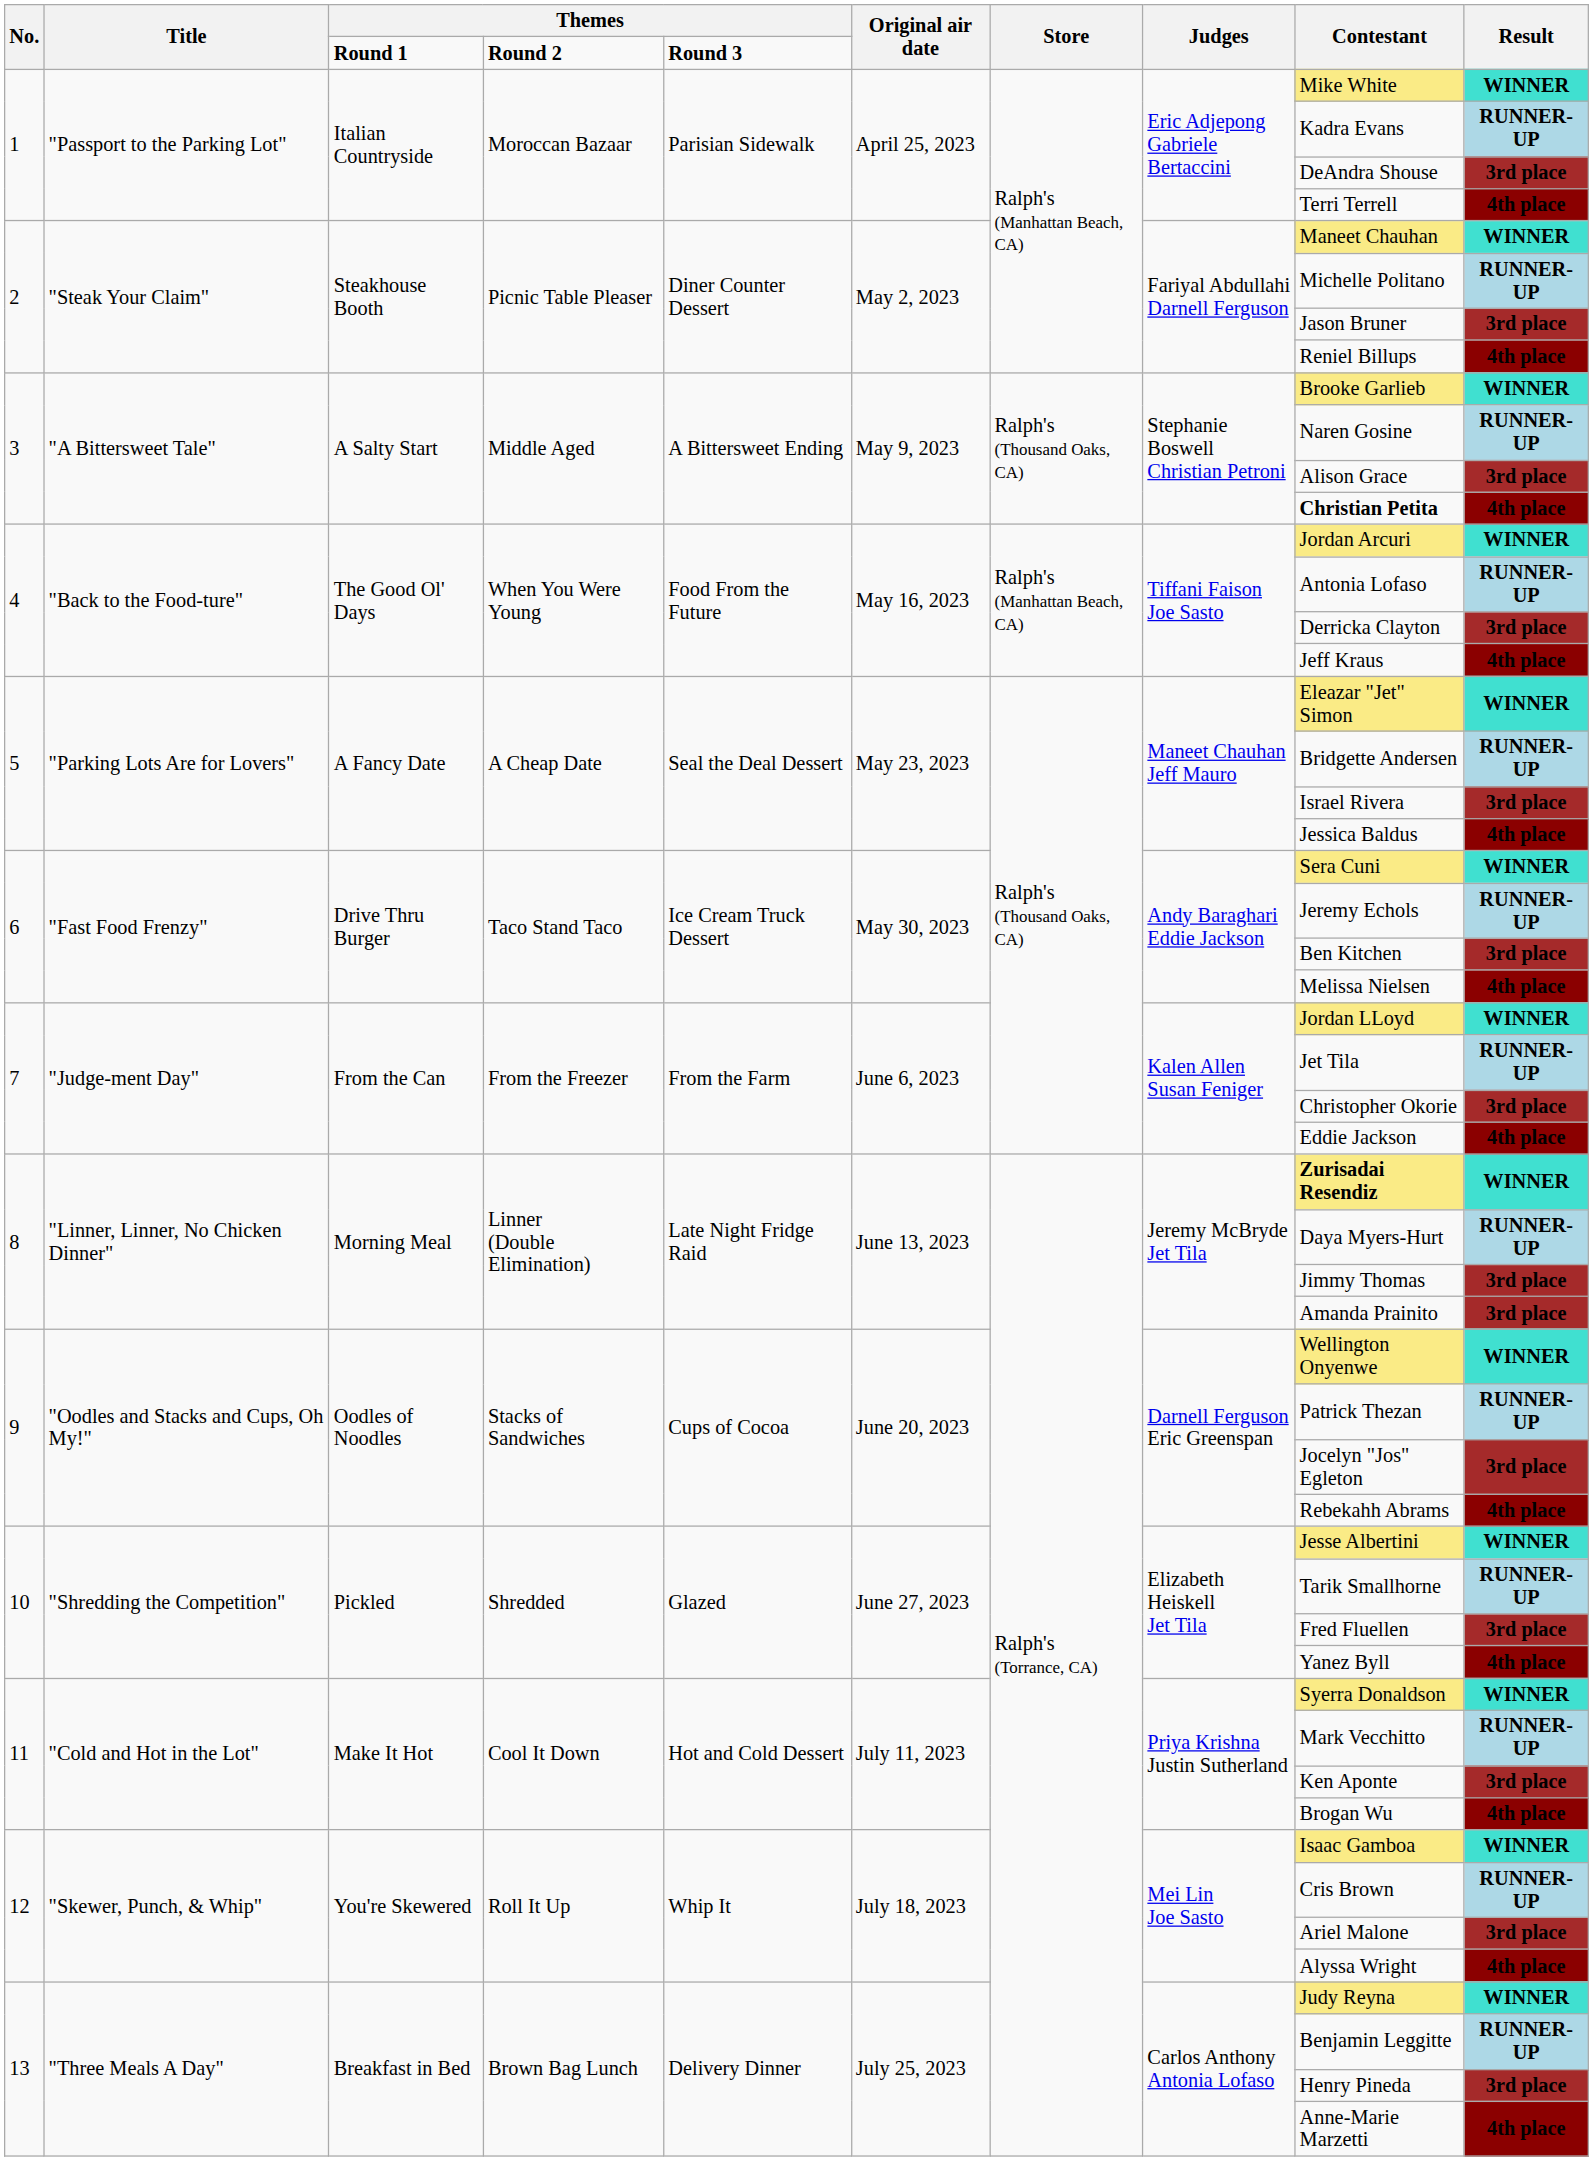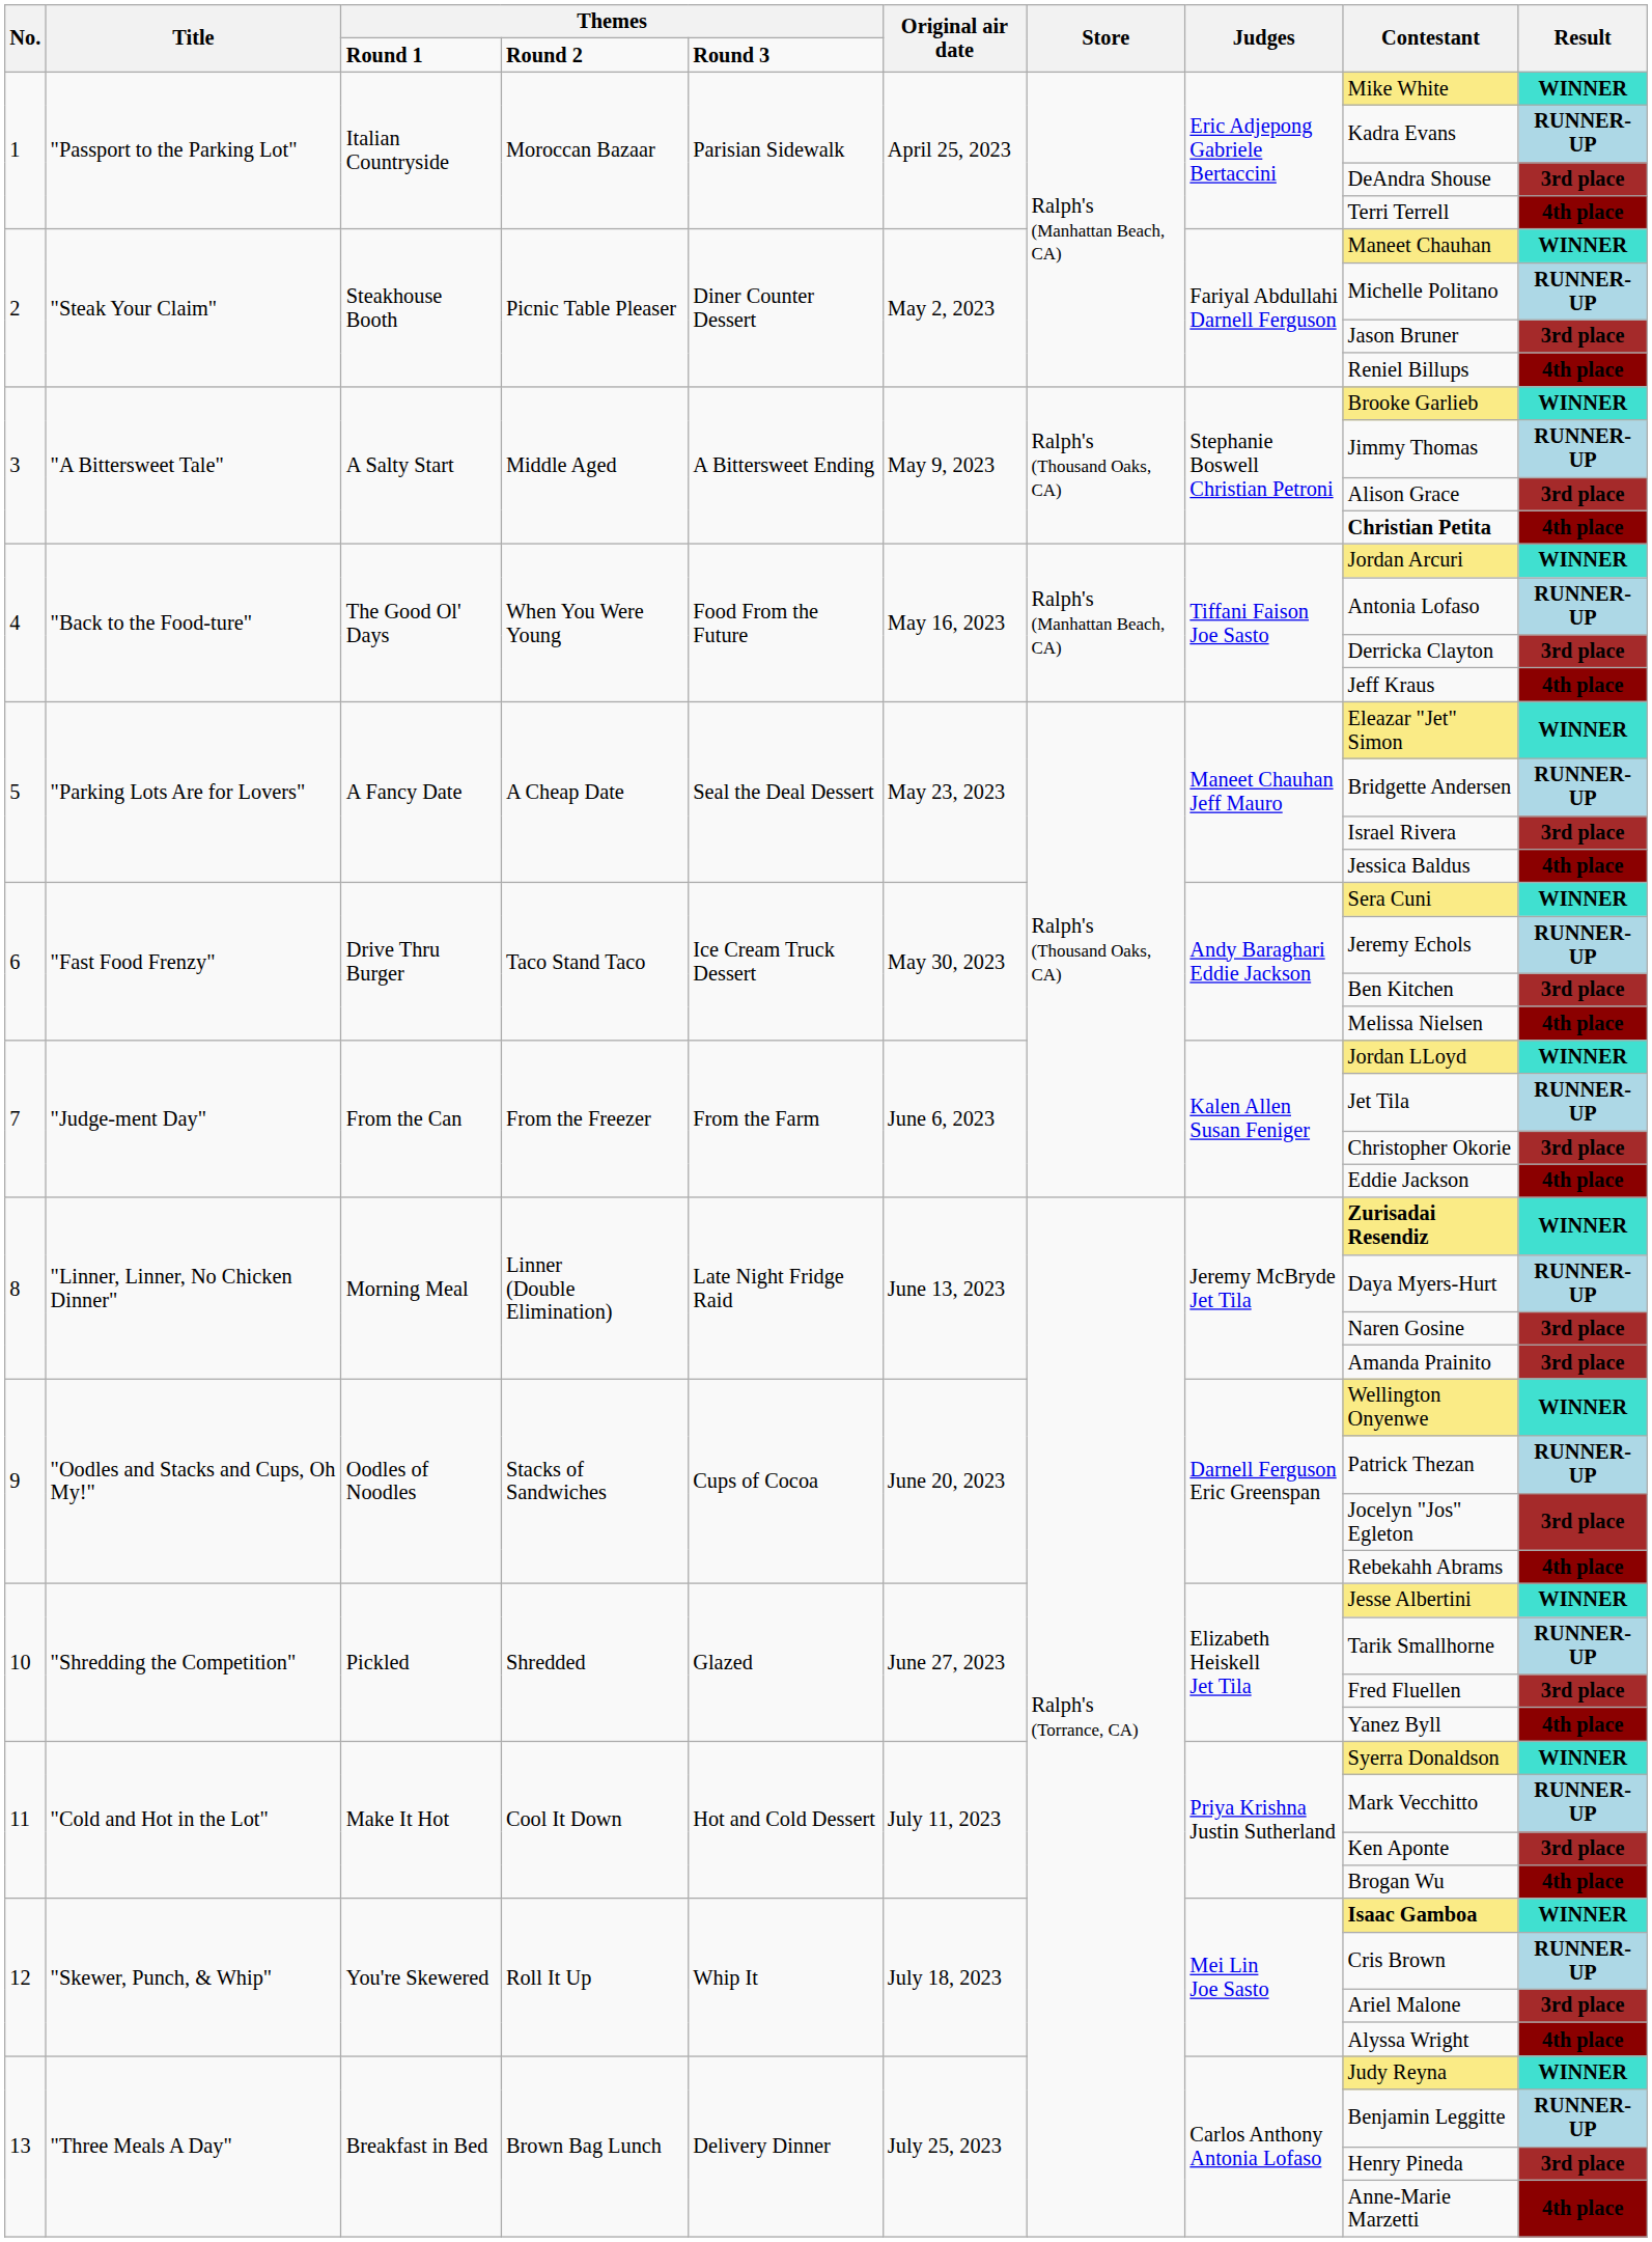 <table class="wikitable">
 <tr>
 <th rowspan="2">No.</th>
 <th rowspan="2">Title</th>
 <th colspan="3">Themes</th>
 <th rowspan="2">Original air date</th>
 <th rowspan="2">Store </th>
 <th rowspan="2">Judges</th>
 <th rowspan="2">Contestant</th>
 <th rowspan="2">Result</th>
 </tr>
 <tr>
 <td><strong>Round 1</strong></td>
 <td><strong>Round 2</strong></td>
 <td><strong>Round 3</strong></td>
 </tr>
 <tr>
 <td rowspan="4">1</td>
 <td rowspan="4">"Passport to the Parking Lot"</td>
 <td rowspan="4">Italian Countryside</td>
 <td rowspan="4">Moroccan Bazaar</td>
 <td rowspan="4">Parisian Sidewalk</td>
 <td rowspan="4">April 25, 2023</td>
 <td rowspan="8">Ralph's<br><small>(Manhattan Beach, CA)</small></td>
 <td rowspan="4"><a href='#'>Eric Adjepong</a><br><a href='#'>Gabriele Bertaccini</a></td>
 <td style="background:#FAEB86">Mike White</td>
 <td align=center valign=center style="background:turquoise;"><strong>WINNER</strong></td>
 </tr>
 <tr>
 <td>Kadra Evans</td>
 <td style="background:lightblue;" valign="center" align="center"><strong>RUNNER-UP</strong></td>
 </tr>
 <tr>
 <td>DeAndra Shouse</td>
 <td align=center valign=center style="background:brown;"><strong>3rd place</strong></td>
 </tr>
 <tr>
 <td>Terri Terrell</td>
 <td align=center valign=center style="background:darkred;"><strong>4th place</strong></td>
 </tr>
 <tr>
 <td rowspan="4">2</td>
 <td rowspan="4">"Steak Your Claim"</td>
 <td rowspan="4">Steakhouse Booth</td>
 <td rowspan="4">Picnic Table Pleaser</td>
 <td rowspan="4">Diner Counter Dessert</td>
 <td rowspan="4">May 2, 2023</td>
 <td rowspan="4">Fariyal Abdullahi<br><a href='#'>Darnell Ferguson</a></td>
 <td style="background:#FAEB86">Maneet Chauhan</td>
 <td align=center valign=center style="background:turquoise;"><strong>WINNER</strong></td>
 </tr>
 <tr>
 <td>Michelle Politano</td>
 <td style="background:lightblue;" valign="center" align="center"><strong>RUNNER-UP</strong></td>
 </tr>
 <tr>
 <td>Jason Bruner</td>
 <td align=center valign=center style="background:brown;"><strong>3rd place</strong></td>
 </tr>
 <tr>
 <td>Reniel Billups</td>
 <td align=center valign=center style="background:darkred;"><strong>4th place</strong></td>
 </tr>
 <tr>
 <td rowspan="4">3</td>
 <td rowspan="4">"A Bittersweet Tale"</td>
 <td rowspan="4">A Salty Start</td>
 <td rowspan="4">Middle Aged</td>
 <td rowspan="4">A Bittersweet Ending</td>
 <td rowspan="4">May 9, 2023</td>
 <td rowspan="4">Ralph's<br><small>(Thousand Oaks, CA)</small></td>
 <td rowspan="4">Stephanie Boswell<br><a href='#'>Christian Petroni</a></td>
 <td style="background:#FAEB86">Brooke Garlieb</td>
 <td align=center valign=center style="background:turquoise;"><strong>WINNER</strong></td>
 </tr>
 <tr>
-<td>Naren Gosine</td>
+<td>Jimmy Thomas</td>
 <td style="background:lightblue;" valign="center" align="center"><strong>RUNNER-UP</strong></td>
 </tr>
 <tr>
 <td>Alison Grace</td>
 <td align=center valign=center style="background:brown;"><strong>3rd place</strong></td>
 </tr>
 <tr>
 <td><strong>Christian Petita</strong></td>
 <td align=center valign=center style="background:darkred;"><strong>4th place</strong></td>
 </tr>
 <tr>
 <td rowspan="4">4</td>
 <td rowspan="4">"Back to the Food-ture"</td>
 <td rowspan="4">The Good Ol' Days</td>
 <td rowspan="4">When You Were Young</td>
 <td rowspan="4">Food From the Future</td>
 <td rowspan="4">May 16, 2023</td>
 <td rowspan="4">Ralph's<br><small>(Manhattan Beach, CA)</small></td>
 <td rowspan="4"><a href='#'>Tiffani Faison</a><br><a href='#'>Joe Sasto</a></td>
 <td style="background:#FAEB86">Jordan Arcuri</td>
 <td align=center valign=center style="background:turquoise;"><strong>WINNER</strong></td>
 </tr>
 <tr>
 <td>Antonia Lofaso</td>
 <td style="background:lightblue;" valign="center" align="center"><strong>RUNNER-UP</strong></td>
 </tr>
 <tr>
 <td>Derricka Clayton</td>
 <td align=center valign=center style="background:brown;"><strong>3rd place</strong></td>
 </tr>
 <tr>
 <td>Jeff Kraus</td>
 <td align=center valign=center style="background:darkred;"><strong>4th place</strong></td>
 </tr>
 <tr>
 <td rowspan="4">5</td>
 <td rowspan="4">"Parking Lots Are for Lovers"</td>
 <td rowspan="4">A Fancy Date</td>
 <td rowspan="4">A Cheap Date</td>
 <td rowspan="4">Seal the Deal Dessert</td>
 <td rowspan="4">May 23, 2023</td>
 <td rowspan="12">Ralph's<br><small>(Thousand Oaks, CA)</small></td>
 <td rowspan="4"><a href='#'>Maneet Chauhan</a><br><a href='#'>Jeff Mauro</a></td>
 <td style="background:#FAEB86">Eleazar "Jet" Simon</td>
 <td align=center valign=center style="background:turquoise;"><strong>WINNER</strong></td>
 </tr>
 <tr>
 <td>Bridgette Andersen</td>
 <td style="background:lightblue;" valign="center" align="center"><strong>RUNNER-UP</strong></td>
 </tr>
 <tr>
 <td>Israel Rivera</td>
 <td align=center valign=center style="background:brown;"><strong>3rd place</strong></td>
 </tr>
 <tr>
 <td>Jessica Baldus</td>
 <td align=center valign=center style="background:darkred;"><strong>4th place</strong></td>
 </tr>
 <tr>
 <td rowspan="4">6</td>
 <td rowspan="4">"Fast Food Frenzy"</td>
 <td rowspan="4">Drive Thru Burger</td>
 <td rowspan="4">Taco Stand Taco</td>
 <td rowspan="4">Ice Cream Truck Dessert</td>
 <td rowspan="4">May 30, 2023</td>
 <td rowspan="4"><a href='#'>Andy Baraghari</a><br><a href='#'>Eddie Jackson</a></td>
 <td style="background:#FAEB86">Sera Cuni</td>
 <td align=center valign=center style="background:turquoise;"><strong>WINNER</strong></td>
 </tr>
 <tr>
 <td>Jeremy Echols</td>
 <td style="background:lightblue;" valign="center" align="center"><strong>RUNNER-UP</strong></td>
 </tr>
 <tr>
 <td>Ben Kitchen</td>
 <td align=center valign=center style="background:brown;"><strong>3rd place</strong></td>
 </tr>
 <tr>
 <td>Melissa Nielsen</td>
 <td align=center valign=center style="background:darkred;"><strong>4th place</strong></td>
 </tr>
 <tr>
 <td rowspan="4">7</td>
 <td rowspan="4">"Judge-ment Day"</td>
 <td rowspan="4">From the Can</td>
 <td rowspan="4">From the Freezer</td>
 <td rowspan="4">From the Farm</td>
 <td rowspan="4">June 6, 2023</td>
 <td rowspan="4"><a href='#'>Kalen Allen</a><br><a href='#'>Susan Feniger</a></td>
 <td style="background:#FAEB86">Jordan LLoyd</td>
 <td align=center valign=center style="background:turquoise;"><strong>WINNER</strong></td>
 </tr>
 <tr>
 <td>Jet Tila</td>
 <td style="background:lightblue;" valign="center" align="center"><strong>RUNNER-UP</strong></td>
 </tr>
 <tr>
 <td>Christopher Okorie</td>
 <td align=center valign=center style="background:brown;"><strong>3rd place</strong></td>
 </tr>
 <tr>
 <td>Eddie Jackson</td>
 <td align=center valign=center style="background:darkred;"><strong>4th place</strong></td>
 </tr>
 <tr>
 <td rowspan="4">8</td>
 <td rowspan="4">"Linner, Linner, No Chicken Dinner"</td>
 <td rowspan="4">Morning Meal</td>
 <td rowspan="4">Linner<br>(Double Elimination)</td>
 <td rowspan="4">Late Night Fridge Raid</td>
 <td rowspan="4">June 13, 2023</td>
 <td rowspan="24">Ralph's<br><small>(Torrance, CA)</small></td>
 <td rowspan="4">Jeremy McBryde<br><a href='#'>Jet Tila</a></td>
 <td style="background:#FAEB86"><strong>Zurisadai Resendiz</strong></td>
 <td align=center valign=center style="background:turquoise;"><strong>WINNER</strong></td>
 </tr>
 <tr>
 <td>Daya Myers-Hurt</td>
 <td style="background:lightblue;" valign="center" align="center"><strong>RUNNER-UP</strong></td>
 </tr>
 <tr>
-<td>Jimmy Thomas</td>
+<td>Naren Gosine</td>
 <td align=center valign=center style="background:brown;"><strong>3rd place</strong></td>
 </tr>
 <tr>
 <td>Amanda Prainito</td>
 <td align=center valign=center style="background:brown;"><strong>3rd place</strong></td>
 </tr>
 <tr>
 <td rowspan="4">9</td>
 <td rowspan="4">"Oodles and Stacks and Cups, Oh My!"</td>
 <td rowspan="4">Oodles of Noodles</td>
 <td rowspan="4">Stacks of Sandwiches</td>
 <td rowspan="4">Cups of Cocoa</td>
 <td rowspan="4">June 20, 2023</td>
 <td rowspan="4"><a href='#'>Darnell Ferguson</a><br>Eric Greenspan</td>
 <td style="background:#FAEB86">Wellington Onyenwe</td>
 <td align=center valign=center style="background:turquoise;"><strong>WINNER</strong></td>
 </tr>
 <tr>
 <td>Patrick Thezan</td>
 <td style="background:lightblue;" valign="center" align="center"><strong>RUNNER-UP</strong></td>
 </tr>
 <tr>
 <td>Jocelyn "Jos"  Egleton</td>
 <td align=center valign=center style="background:brown;"><strong>3rd place</strong></td>
 </tr>
 <tr>
 <td>Rebekahh Abrams</td>
 <td align=center valign=center style="background:darkred;"><strong>4th place</strong></td>
 </tr>
 <tr>
 <td rowspan="4">10</td>
 <td rowspan="4">"Shredding the Competition"</td>
 <td rowspan="4">Pickled</td>
 <td rowspan="4">Shredded</td>
 <td rowspan="4">Glazed</td>
 <td rowspan="4">June 27, 2023</td>
 <td rowspan="4">Elizabeth Heiskell<br><a href='#'>Jet Tila</a></td>
 <td style="background:#FAEB86">Jesse Albertini</td>
 <td align=center valign=center style="background:turquoise;"><strong>WINNER</strong></td>
 </tr>
 <tr>
 <td>Tarik Smallhorne</td>
 <td style="background:lightblue;" valign="center" align="center"><strong>RUNNER-UP</strong></td>
 </tr>
 <tr>
 <td>Fred Fluellen</td>
 <td align=center valign=center style="background:brown;"><strong>3rd place</strong></td>
 </tr>
 <tr>
 <td>Yanez Byll</td>
 <td align=center valign=center style="background:darkred;"><strong>4th place</strong></td>
 </tr>
 <tr>
 <td rowspan="4">11</td>
 <td rowspan="4">"Cold and Hot in the Lot"</td>
 <td rowspan="4">Make It Hot</td>
 <td rowspan="4">Cool It Down</td>
 <td rowspan="4">Hot and Cold Dessert</td>
 <td rowspan="4">July 11, 2023</td>
 <td rowspan="4"><a href='#'>Priya Krishna</a><br>Justin Sutherland</td>
 <td style="background:#FAEB86">Syerra Donaldson</td>
 <td align=center valign=center style="background:turquoise;"><strong>WINNER</strong></td>
 </tr>
 <tr>
 <td>Mark Vecchitto</td>
 <td style="background:lightblue;" valign="center" align="center"><strong>RUNNER-UP</strong></td>
 </tr>
 <tr>
 <td>Ken Aponte</td>
 <td align=center valign=center style="background:brown;"><strong>3rd place</strong></td>
 </tr>
 <tr>
 <td>Brogan Wu</td>
 <td align=center valign=center style="background:darkred;"><strong>4th place</strong></td>
 </tr>
 <tr>
 <td rowspan="4">12</td>
 <td rowspan="4">"Skewer, Punch, & Whip"</td>
 <td rowspan="4">You're Skewered</td>
 <td rowspan="4">Roll It Up</td>
 <td rowspan="4">Whip It</td>
 <td rowspan="4">July 18, 2023</td>
 <td rowspan="4"><a href='#'>Mei Lin</a><br><a href='#'>Joe Sasto</a></td>
-<td style="background:#FAEB86">Isaac Gamboa</td>
+<td style="background:#FAEB86"><strong>Isaac Gamboa</strong></td>
 <td align=center valign=center style="background:turquoise;"><strong>WINNER</strong></td>
 </tr>
 <tr>
 <td>Cris Brown</td>
 <td style="background:lightblue;" valign="center" align="center"><strong>RUNNER-UP</strong></td>
 </tr>
 <tr>
 <td>Ariel Malone</td>
 <td align=center valign=center style="background:brown;"><strong>3rd place</strong></td>
 </tr>
 <tr>
 <td>Alyssa Wright</td>
 <td align=center valign=center style="background:darkred;"><strong>4th place</strong></td>
 </tr>
 <tr>
 <td rowspan="4">13</td>
 <td rowspan="4">"Three Meals A Day"</td>
 <td rowspan="4">Breakfast in Bed</td>
 <td rowspan="4">Brown Bag Lunch</td>
 <td rowspan="4">Delivery Dinner</td>
 <td rowspan="4">July 25, 2023</td>
 <td rowspan="4">Carlos Anthony<br><a href='#'>Antonia Lofaso</a></td>
 <td style="background:#FAEB86">Judy Reyna</td>
 <td align=center valign=center style="background:turquoise;"><strong>WINNER</strong></td>
 </tr>
 <tr>
 <td>Benjamin Leggitte</td>
 <td style="background:lightblue;" valign="center" align="center"><strong>RUNNER-UP</strong></td>
 </tr>
 <tr>
 <td>Henry Pineda</td>
 <td align=center valign=center style="background:brown;"><strong>3rd place</strong></td>
 </tr>
 <tr>
 <td>Anne-Marie Marzetti</td>
 <td align=center valign=center style="background:darkred;"><strong>4th place</strong></td>
 </tr>
 </table>
